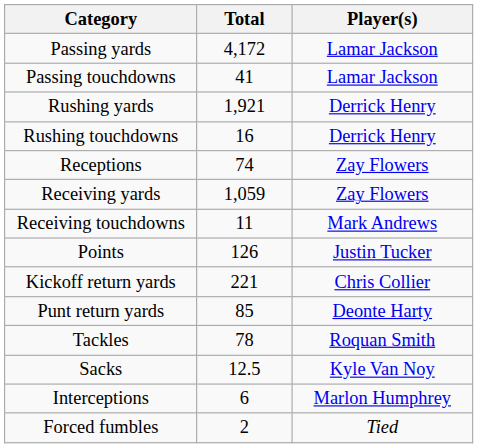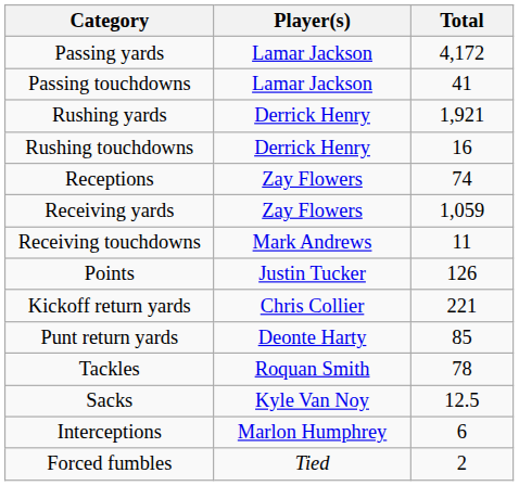 <table class="wikitable" style="text-align:center">
 <tr>
 <th width="160">Category</th>
+<th width="150">Player(s)</th>
 <th width="75">Total</th>
-<th width="150">Player(s)</th>
 </tr>
 <tr>
 <td>Passing yards</td>
+<td><a href='#'>Lamar Jackson</a></td>
 <td>4,172</td>
-<td><a href='#'>Lamar Jackson</a></td>
 </tr>
 <tr>
 <td>Passing touchdowns</td>
+<td><a href='#'>Lamar Jackson</a></td>
 <td>41</td>
-<td><a href='#'>Lamar Jackson</a></td>
 </tr>
 <tr>
 <td>Rushing yards</td>
+<td><a href='#'>Derrick Henry</a></td>
 <td>1,921</td>
-<td><a href='#'>Derrick Henry</a></td>
 </tr>
 <tr>
 <td>Rushing touchdowns</td>
+<td><a href='#'>Derrick Henry</a></td>
 <td>16</td>
-<td><a href='#'>Derrick Henry</a></td>
 </tr>
 <tr>
 <td>Receptions</td>
+<td><a href='#'>Zay Flowers</a></td>
 <td>74</td>
-<td><a href='#'>Zay Flowers</a></td>
 </tr>
 <tr>
 <td>Receiving yards</td>
+<td><a href='#'>Zay Flowers</a></td>
 <td>1,059</td>
-<td><a href='#'>Zay Flowers</a></td>
 </tr>
 <tr>
 <td>Receiving touchdowns</td>
+<td><a href='#'>Mark Andrews</a></td>
 <td>11</td>
-<td><a href='#'>Mark Andrews</a></td>
 </tr>
 <tr>
 <td>Points</td>
+<td><a href='#'>Justin Tucker</a></td>
 <td>126</td>
-<td><a href='#'>Justin Tucker</a></td>
 </tr>
 <tr>
 <td>Kickoff return yards</td>
+<td><a href='#'>Chris Collier</a></td>
 <td>221</td>
-<td><a href='#'>Chris Collier</a></td>
 </tr>
 <tr>
 <td>Punt return yards</td>
+<td><a href='#'>Deonte Harty</a></td>
 <td>85</td>
-<td><a href='#'>Deonte Harty</a></td>
 </tr>
 <tr>
 <td>Tackles</td>
+<td><a href='#'>Roquan Smith</a></td>
 <td>78</td>
-<td><a href='#'>Roquan Smith</a></td>
 </tr>
 <tr>
 <td>Sacks</td>
+<td><a href='#'>Kyle Van Noy</a></td>
 <td>12.5</td>
-<td><a href='#'>Kyle Van Noy</a></td>
 </tr>
 <tr>
 <td>Interceptions</td>
+<td><a href='#'>Marlon Humphrey</a></td>
 <td>6</td>
-<td><a href='#'>Marlon Humphrey</a></td>
 </tr>
 <tr>
 <td>Forced fumbles</td>
+<td><em>Tied</em> </td>
 <td>2</td>
-<td><em>Tied</em> </td>
 </tr>
 </table>
